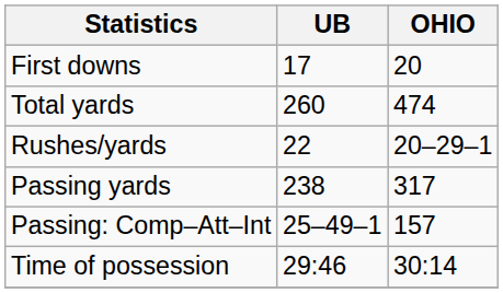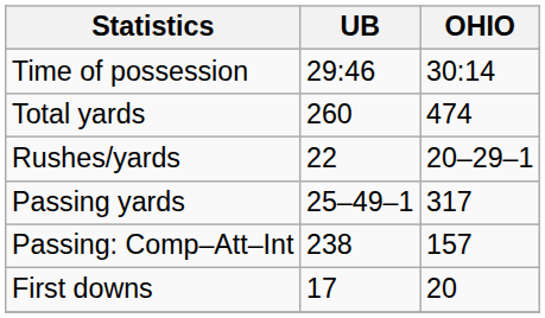 <table class="wikitable" style="float: left;">
 <tr>
 <th>Statistics</th>
 <th>UB</th>
 <th>OHIO</th>
 </tr>
 <tr>
-<td>First downs</td>
-<td>17</td>
-<td>20</td>
+<td>Time of possession</td>
+<td>29:46</td>
+<td>30:14</td>
 </tr>
 <tr>
 <td>Total yards</td>
 <td>260</td>
 <td>474</td>
 </tr>
 <tr>
 <td>Rushes/yards</td>
 <td>22</td>
 <td>20–29–1</td>
 </tr>
 <tr>
 <td>Passing yards</td>
-<td>238</td>
+<td>25–49–1</td>
 <td>317</td>
 </tr>
 <tr>
 <td>Passing: Comp–Att–Int</td>
-<td>25–49–1</td>
+<td>238</td>
 <td>157</td>
 </tr>
 <tr>
-<td>Time of possession</td>
-<td>29:46</td>
-<td>30:14</td>
+<td>First downs</td>
+<td>17</td>
+<td>20</td>
 </tr>
 <tr>
 </tr>
 </table>
